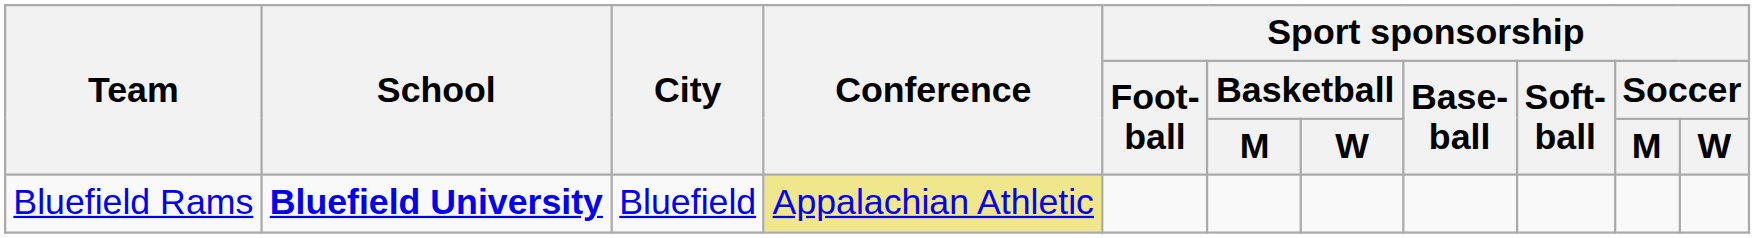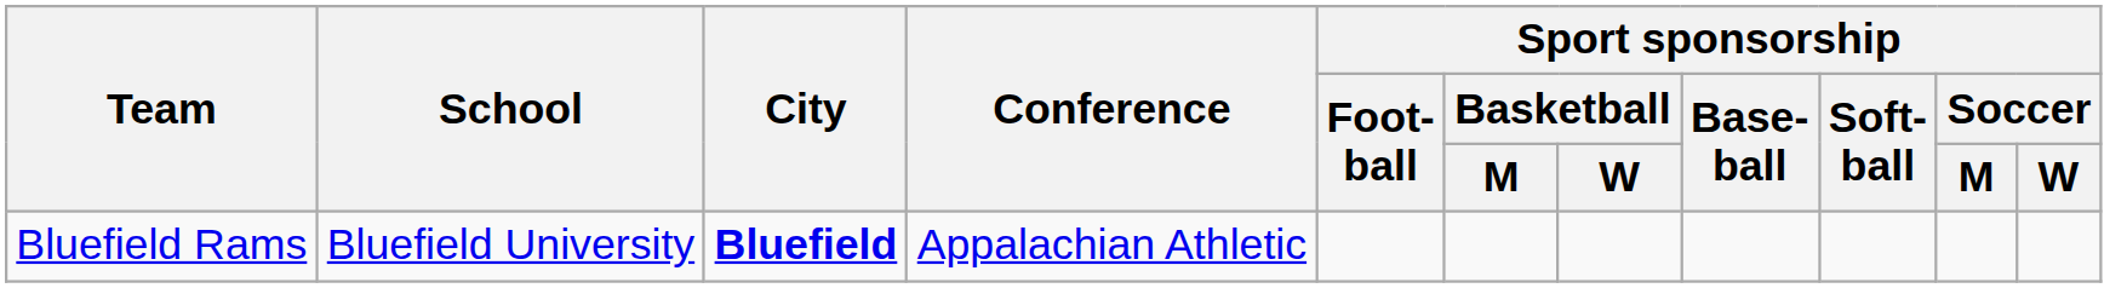 <table class="sortable wikitable">
 <tr>
 <th rowspan=3>Team</th>
 <th rowspan=3>School</th>
 <th rowspan=3>City</th>
 <th rowspan=3>Conference</th>
 <th colspan=7>Sport sponsorship</th>
 </tr>
 <tr>
 <th rowspan=2>Foot-<br>ball</th>
 <th colspan=2>Basketball</th>
 <th rowspan=2>Base-<br>ball</th>
 <th rowspan=2>Soft-<br>ball</th>
 <th colspan=2>Soccer</th>
 </tr>
 <tr>
 <th>M</th>
 <th>W</th>
 <th>M</th>
 <th>W</th>
 </tr>
 <tr>
 <td><a href='#'>Bluefield Rams</a></td>
-<td><strong><a href='#'>Bluefield University</a></strong></td>
-<td><a href='#'>Bluefield</a></td>
-<td style="background: khaki;"><a href='#'>Appalachian Athletic</a></td>
+<td><a href='#'>Bluefield University</a></td>
+<td><strong><a href='#'>Bluefield</a></strong></td>
+<td><a href='#'>Appalachian Athletic</a></td>
 <td></td>
 <td></td>
 <td></td>
 <td></td>
 <td></td>
 <td></td>
 <td></td>
 </tr>
 </table>
